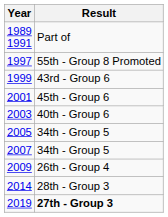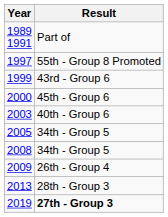 <table class="wikitable">
 <tr>
 <th>Year</th>
 <th>Result</th>
 </tr>
 <tr>
 <td><a href='#'>1989</a> <br> <a href='#'>1991</a></td>
 <td>Part of </td>
 </tr>
 <tr>
 <td><a href='#'>1997</a></td>
 <td>55th - Group 8 Promoted</td>
 </tr>
 <tr>
 <td><a href='#'>1999</a></td>
 <td>43rd - Group 6</td>
 </tr>
 <tr>
-<td><a href='#'>2001</a></td>
+<td><a href='#'>2000</a></td>
 <td>45th - Group 6</td>
 </tr>
 <tr>
 <td><a href='#'>2003</a></td>
 <td>40th - Group 6</td>
 </tr>
 <tr>
 <td><a href='#'>2005</a></td>
 <td>34th - Group 5</td>
 </tr>
 <tr>
-<td><a href='#'>2007</a></td>
+<td><a href='#'>2008</a></td>
 <td>34th - Group 5</td>
 </tr>
 <tr>
 <td><a href='#'>2009</a></td>
 <td>26th - Group 4</td>
 </tr>
 <tr>
-<td><a href='#'>2014</a></td>
+<td><a href='#'>2013</a></td>
 <td>28th - Group 3</td>
 </tr>
 <tr>
 <td><a href='#'>2019</a></td>
 <td><strong>27th - Group 3</strong></td>
 </tr>
 </table>
